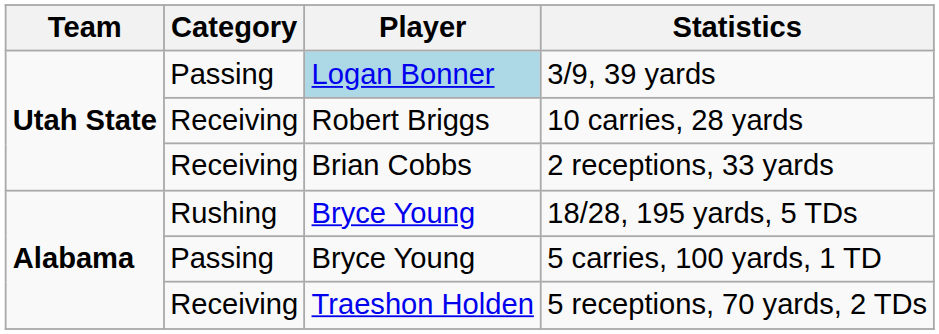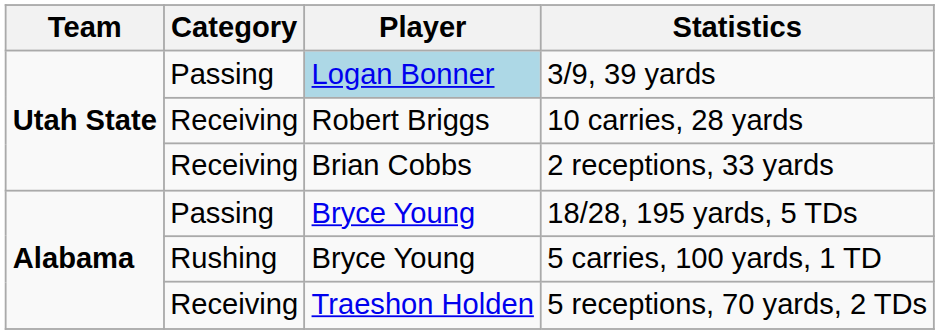 <table class="wikitable" style="float: right;">
 <tr>
 <th>Team</th>
 <th>Category</th>
 <th>Player</th>
 <th>Statistics</th>
 </tr>
 <tr>
 <td rowspan=3><strong>Utah State</strong></td>
 <td>Passing</td>
 <td style="background: lightblue;"><a href='#'>Logan Bonner</a></td>
 <td>3/9, 39 yards</td>
 </tr>
 <tr>
 <td>Receiving</td>
 <td>Robert Briggs</td>
 <td>10 carries, 28 yards</td>
 </tr>
 <tr>
 <td>Receiving</td>
 <td>Brian Cobbs</td>
 <td>2 receptions, 33 yards</td>
 </tr>
 <tr>
 <td rowspan=3><strong>Alabama</strong></td>
-<td>Rushing</td>
+<td>Passing</td>
 <td><a href='#'>Bryce Young</a></td>
 <td>18/28, 195 yards, 5 TDs</td>
 </tr>
 <tr>
-<td>Passing</td>
+<td>Rushing</td>
 <td>Bryce Young</td>
 <td>5 carries, 100 yards, 1 TD</td>
 </tr>
 <tr>
 <td>Receiving</td>
 <td><a href='#'>Traeshon Holden</a></td>
 <td>5 receptions, 70 yards, 2 TDs</td>
 </tr>
 </table>
